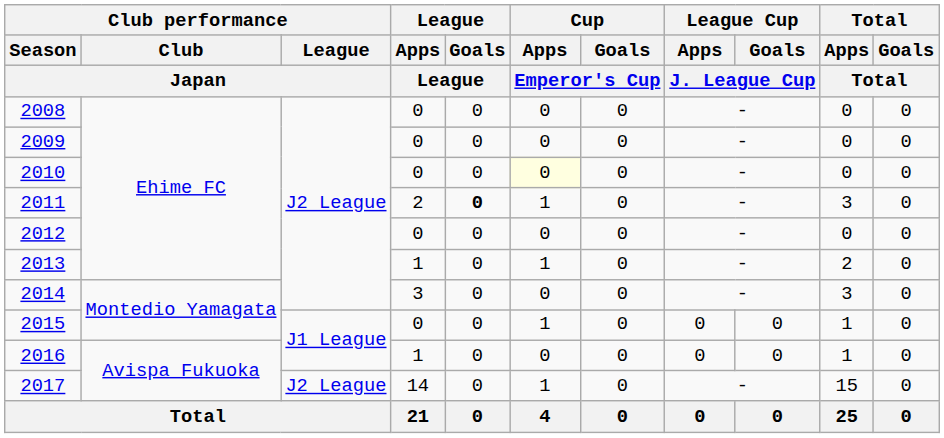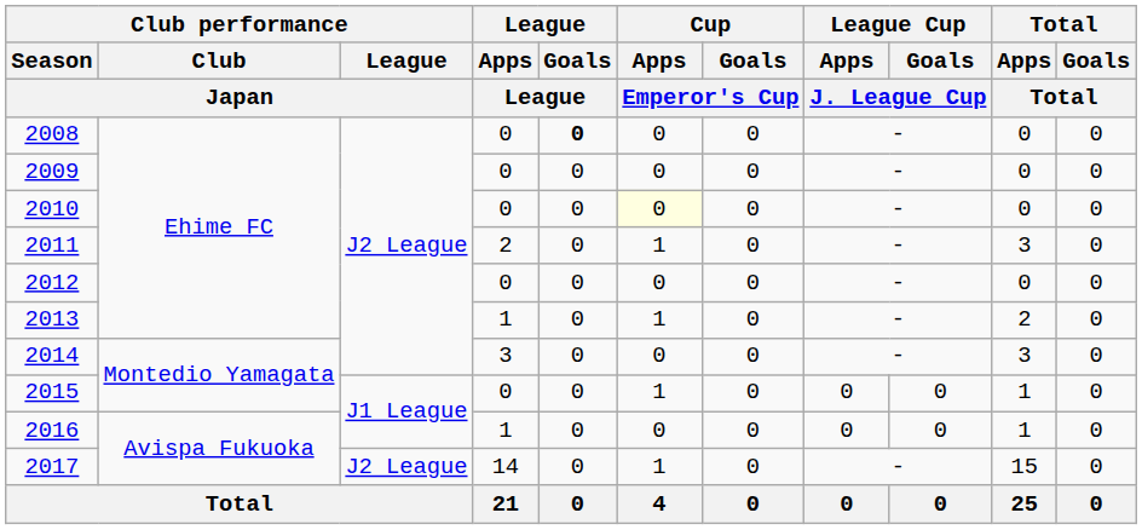 <table class="wikitable" style="text-align:center;">
 <tr>
 <th colspan=3>Club performance</th>
 <th colspan=2>League</th>
 <th colspan=2>Cup</th>
 <th colspan=2>League Cup</th>
 <th colspan=2>Total</th>
 </tr>
 <tr>
 <th>Season</th>
 <th>Club</th>
 <th>League</th>
 <th>Apps</th>
 <th>Goals</th>
 <th>Apps</th>
 <th>Goals</th>
 <th>Apps</th>
 <th>Goals</th>
 <th>Apps</th>
 <th>Goals</th>
 </tr>
 <tr>
 <th colspan=3>Japan</th>
 <th colspan=2>League</th>
 <th colspan=2><a href='#'>Emperor's Cup</a></th>
 <th colspan=2><a href='#'>J. League Cup</a></th>
 <th colspan=2>Total</th>
 </tr>
 <tr>
 <td><a href='#'>2008</a></td>
 <td rowspan="6"><a href='#'>Ehime FC</a></td>
 <td rowspan="7"><a href='#'>J2 League</a></td>
 <td>0</td>
-<td>0</td>
+<td><strong>0</strong></td>
 <td>0</td>
 <td>0</td>
 <td colspan="2">-</td>
 <td>0</td>
 <td>0</td>
 </tr>
 <tr>
 <td><a href='#'>2009</a></td>
 <td>0</td>
 <td>0</td>
 <td>0</td>
 <td>0</td>
 <td colspan="2">-</td>
 <td>0</td>
 <td>0</td>
 </tr>
 <tr>
 <td><a href='#'>2010</a></td>
 <td>0</td>
 <td>0</td>
 <td style="background: lightyellow;">0</td>
 <td>0</td>
 <td colspan="2">-</td>
 <td>0</td>
 <td>0</td>
 </tr>
 <tr>
 <td><a href='#'>2011</a></td>
 <td>2</td>
-<td><strong>0</strong></td>
+<td>0</td>
 <td>1</td>
 <td>0</td>
 <td colspan="2">-</td>
 <td>3</td>
 <td>0</td>
 </tr>
 <tr>
 <td><a href='#'>2012</a></td>
 <td>0</td>
 <td>0</td>
 <td>0</td>
 <td>0</td>
 <td colspan="2">-</td>
 <td>0</td>
 <td>0</td>
 </tr>
 <tr>
 <td><a href='#'>2013</a></td>
 <td>1</td>
 <td>0</td>
 <td>1</td>
 <td>0</td>
 <td colspan="2">-</td>
 <td>2</td>
 <td>0</td>
 </tr>
 <tr>
 <td><a href='#'>2014</a></td>
 <td rowspan="2"><a href='#'>Montedio Yamagata</a></td>
 <td>3</td>
 <td>0</td>
 <td>0</td>
 <td>0</td>
 <td colspan="2">-</td>
 <td>3</td>
 <td>0</td>
 </tr>
 <tr>
 <td><a href='#'>2015</a></td>
 <td rowspan="2"><a href='#'>J1 League</a></td>
 <td>0</td>
 <td>0</td>
 <td>1</td>
 <td>0</td>
 <td>0</td>
 <td>0</td>
 <td>1</td>
 <td>0</td>
 </tr>
 <tr>
 <td><a href='#'>2016</a></td>
 <td rowspan="2"><a href='#'>Avispa Fukuoka</a></td>
 <td>1</td>
 <td>0</td>
 <td>0</td>
 <td>0</td>
 <td>0</td>
 <td>0</td>
 <td>1</td>
 <td>0</td>
 </tr>
 <tr>
 <td><a href='#'>2017</a></td>
 <td rowspan="1"><a href='#'>J2 League</a></td>
 <td>14</td>
 <td>0</td>
 <td>1</td>
 <td>0</td>
 <td colspan="2">-</td>
 <td>15</td>
 <td>0</td>
 </tr>
 <tr>
 <th colspan=3>Total</th>
 <th>21</th>
 <th>0</th>
 <th>4</th>
 <th>0</th>
 <th>0</th>
 <th>0</th>
 <th>25</th>
 <th>0</th>
 </tr>
 </table>
